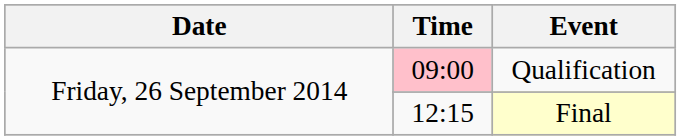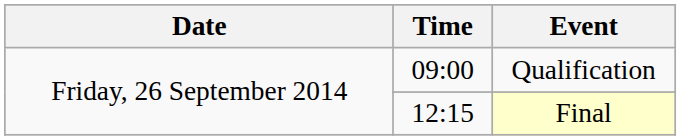 <table class = "wikitable" style="text-align:center;">
 <tr>
 <th width=220>Date</th>
 <th width=50>Time</th>
 <th width=100>Event</th>
 </tr>
 <tr>
 <td rowspan=2>Friday, 26 September 2014</td>
-<td style="background: pink;">09:00</td>
+<td>09:00</td>
 <td>Qualification</td>
 </tr>
 <tr>
 <td>12:15</td>
 <td bgcolor=ffffcc>Final</td>
 </tr>
 </table>
